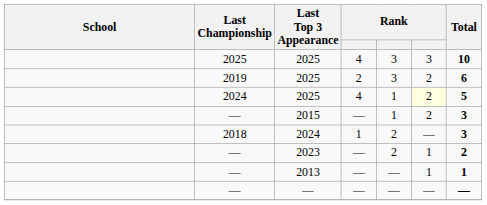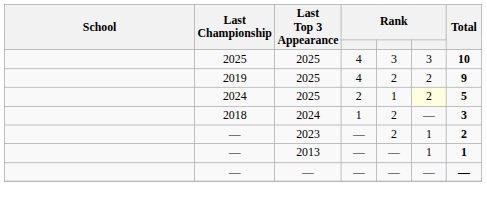 <table class="wikitable" style="text align: center">
 <tr bgcolor="#efefef">
 <th rowspan=2 width=250px>School</th>
 <th rowspan=2>Last<br>Championship</th>
 <th rowspan=2>Last<br>Top 3<br>Appearance</th>
 <th colspan=3>Rank</th>
 <th rowspan=2 width=40px>Total</th>
 </tr>
 <tr>
 <th width=40px></th>
 <th width=40px></th>
 <th width=40px></th>
 </tr>
 <tr>
 <td></td>
 <td align="center">2025</td>
 <td align="center">2025</td>
 <td align="center">4</td>
 <td align="center">3</td>
 <td align="center">3</td>
 <td align="center"><strong>10</strong></td>
 </tr>
 <tr>
 <td></td>
 <td align="center">2019</td>
 <td align="center">2025</td>
+<td align="center">4</td>
 <td align="center">2</td>
-<td align="center">3</td>
 <td align="center">2</td>
-<td align="center"><strong>6</strong></td>
+<td align="center"><strong>9</strong></td>
 </tr>
 <tr>
 <td></td>
 <td align="center">2024</td>
 <td align="center">2025</td>
-<td align="center">4</td>
+<td align="center">2</td>
 <td align="center">1</td>
 <td align="center" style="background: lightyellow;">2</td>
 <td align="center"><strong>5</strong></td>
-</tr>
-<tr>
-<td></td>
-<td align="center">—</td>
-<td align="center">2015</td>
-<td align="center">—</td>
-<td align="center">1</td>
-<td align="center">2</td>
-<td align="center"><strong>3</strong></td>
 </tr>
 <tr>
 <td></td>
 <td align="center">2018</td>
 <td align="center">2024</td>
 <td align="center">1</td>
 <td align="center">2</td>
 <td align="center">—</td>
 <td align="center"><strong>3</strong></td>
 </tr>
 <tr>
 <td></td>
 <td align="center">—</td>
 <td align="center">2023</td>
 <td align="center">—</td>
 <td align="center">2</td>
 <td align="center">1</td>
 <td align="center"><strong>2</strong></td>
 </tr>
 <tr>
 <td></td>
 <td align="center">—</td>
 <td align="center">2013</td>
 <td align="center">—</td>
 <td align="center">—</td>
 <td align="center">1</td>
 <td align="center"><strong>1</strong></td>
 </tr>
 <tr>
 <td></td>
 <td align="center">—</td>
 <td align="center">—</td>
 <td align="center">—</td>
 <td align="center">—</td>
 <td align="center">—</td>
 <td align="center"><strong>—</strong></td>
 </tr>
 <tr>
 </tr>
 </table>
